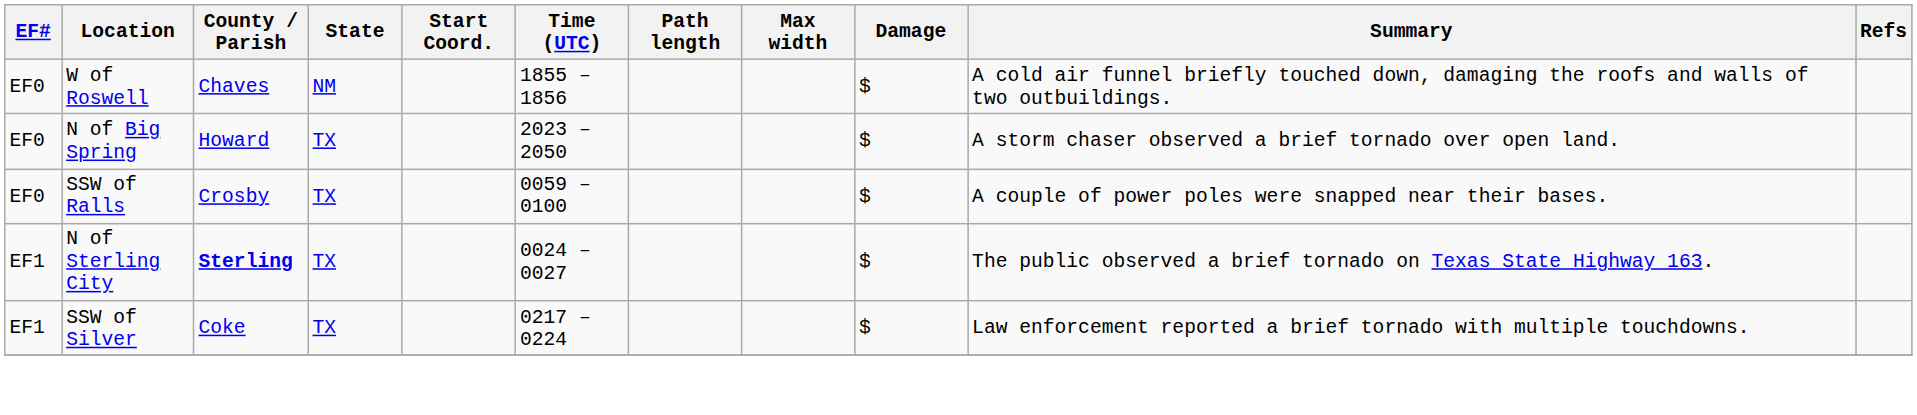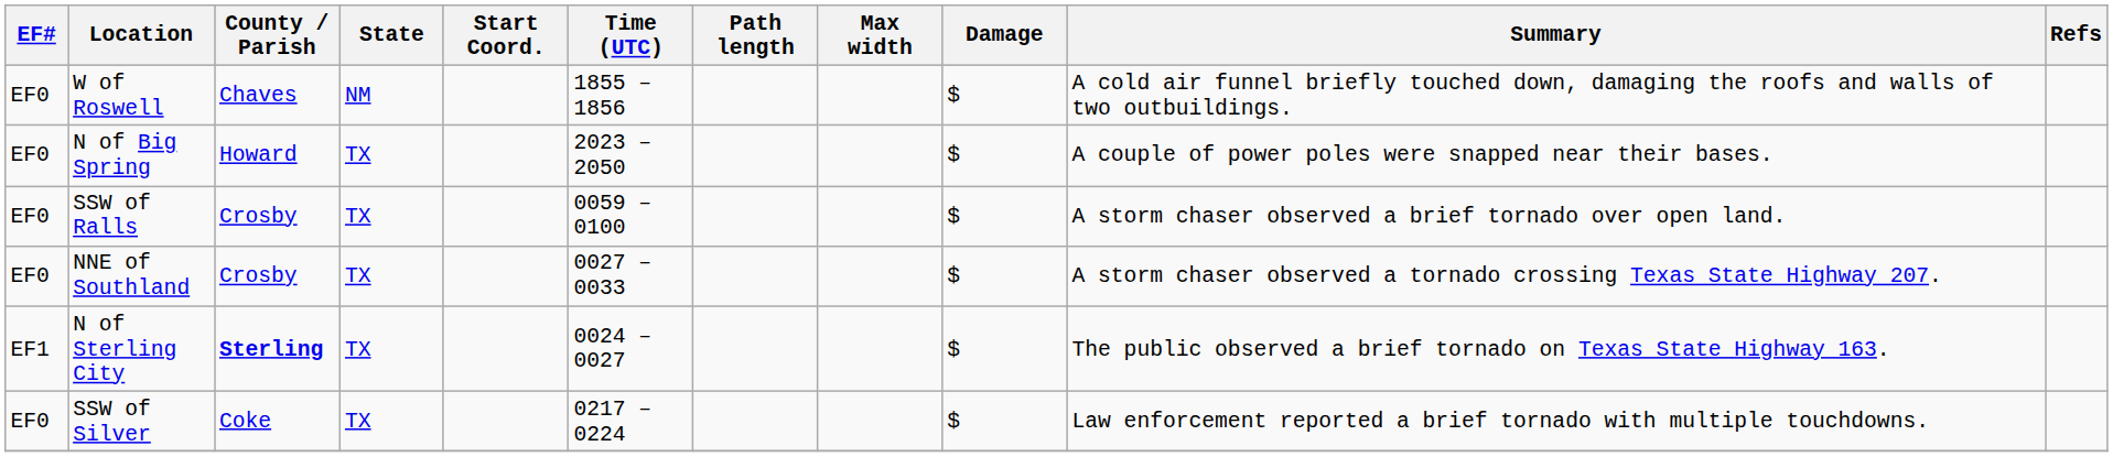 <table class="wikitable sortable" style="width:100%;">
 <tr>
 <th scope="col" width="3%" align="center"><a href='#'>EF#</a></th>
 <th scope="col" width="7%" align="center" class="unsortable">Location</th>
 <th scope="col" width="6%" align="center" class="unsortable">County / Parish</th>
 <th scope="col" width="5%" align="center">State</th>
 <th scope="col" width="6%" align="center">Start Coord.</th>
 <th scope="col" width="6%" align="center">Time (<a href='#'>UTC</a>)</th>
 <th scope="col" width="6%" align="center">Path length</th>
 <th scope="col" width="6%" align="center">Max width</th>
 <th scope="col" width="6%" align="center">Damage</th>
 <th scope="col" width="48%" class="unsortable" align="center">Summary</th>
 <th scope="col" width="48%" class="unsortable" align="center">Refs</th>
 </tr>
 <tr>
 <td>EF0</td>
 <td>W of <a href='#'>Roswell</a></td>
 <td><a href='#'>Chaves</a></td>
 <td><a href='#'>NM</a></td>
 <td></td>
 <td>1855 – 1856</td>
 <td></td>
 <td></td>
 <td>$</td>
 <td>A cold air funnel briefly touched down, damaging the roofs and walls of two outbuildings.</td>
 <td></td>
 </tr>
 <tr>
 <td>EF0</td>
 <td>N of <a href='#'>Big Spring</a></td>
 <td><a href='#'>Howard</a></td>
 <td><a href='#'>TX</a></td>
 <td></td>
 <td>2023 – 2050</td>
 <td></td>
 <td></td>
 <td>$</td>
-<td>A storm chaser observed a brief tornado over open land.</td>
+<td>A couple of power poles were snapped near their bases.</td>
 <td></td>
 </tr>
 <tr>
 <td>EF0</td>
 <td>SSW of <a href='#'>Ralls</a></td>
 <td><a href='#'>Crosby</a></td>
 <td><a href='#'>TX</a></td>
 <td></td>
 <td>0059 – 0100</td>
 <td></td>
 <td></td>
 <td>$</td>
-<td>A couple of power poles were snapped near their bases.</td>
+<td>A storm chaser observed a brief tornado over open land.</td>
+<td></td>
+</tr>
+<tr>
+<td>EF0</td>
+<td>NNE of <a href='#'>Southland</a></td>
+<td><a href='#'>Crosby</a></td>
+<td><a href='#'>TX</a></td>
+<td></td>
+<td>0027 – 0033</td>
+<td></td>
+<td></td>
+<td>$</td>
+<td>A storm chaser observed a tornado crossing <a href='#'>Texas State Highway 207</a>.</td>
 <td></td>
 </tr>
 <tr>
 <td>EF1</td>
 <td>N of <a href='#'>Sterling City</a></td>
 <td><strong><a href='#'>Sterling</a></strong></td>
 <td><a href='#'>TX</a></td>
 <td></td>
 <td>0024 – 0027</td>
 <td></td>
 <td></td>
 <td>$</td>
 <td>The public observed a brief tornado on <a href='#'>Texas State Highway 163</a>.</td>
 <td></td>
 </tr>
 <tr>
-<td>EF1</td>
+<td>EF0</td>
 <td>SSW of <a href='#'>Silver</a></td>
 <td><a href='#'>Coke</a></td>
 <td><a href='#'>TX</a></td>
 <td></td>
 <td>0217 – 0224</td>
 <td></td>
 <td></td>
 <td>$</td>
 <td>Law enforcement reported a brief tornado with multiple touchdowns.</td>
 <td></td>
 </tr>
 <tr>
 </tr>
 </table>
